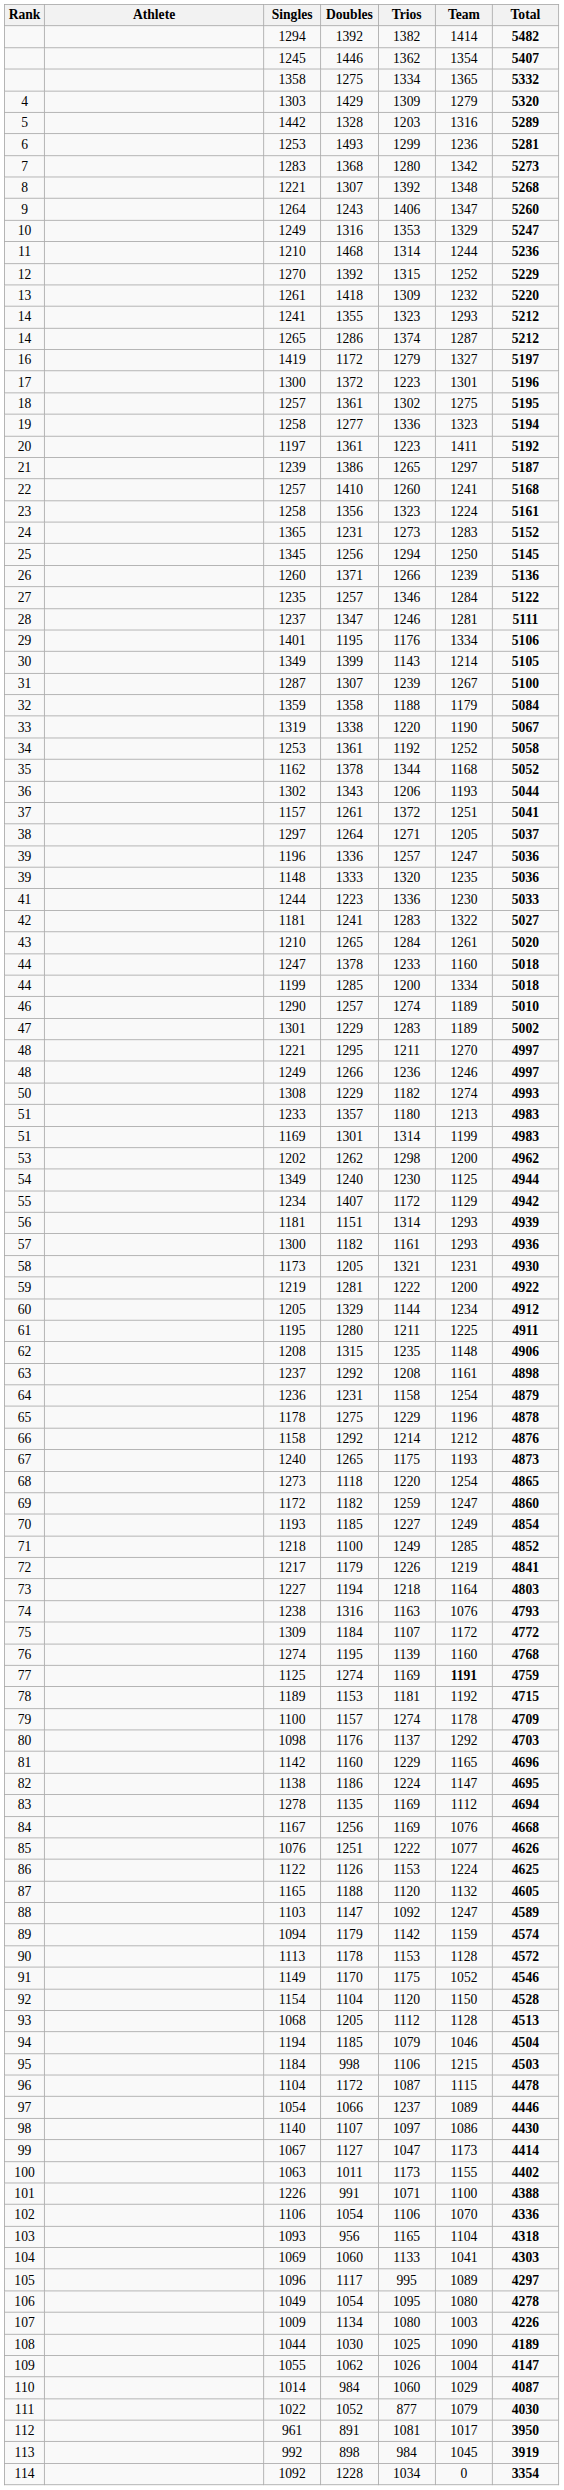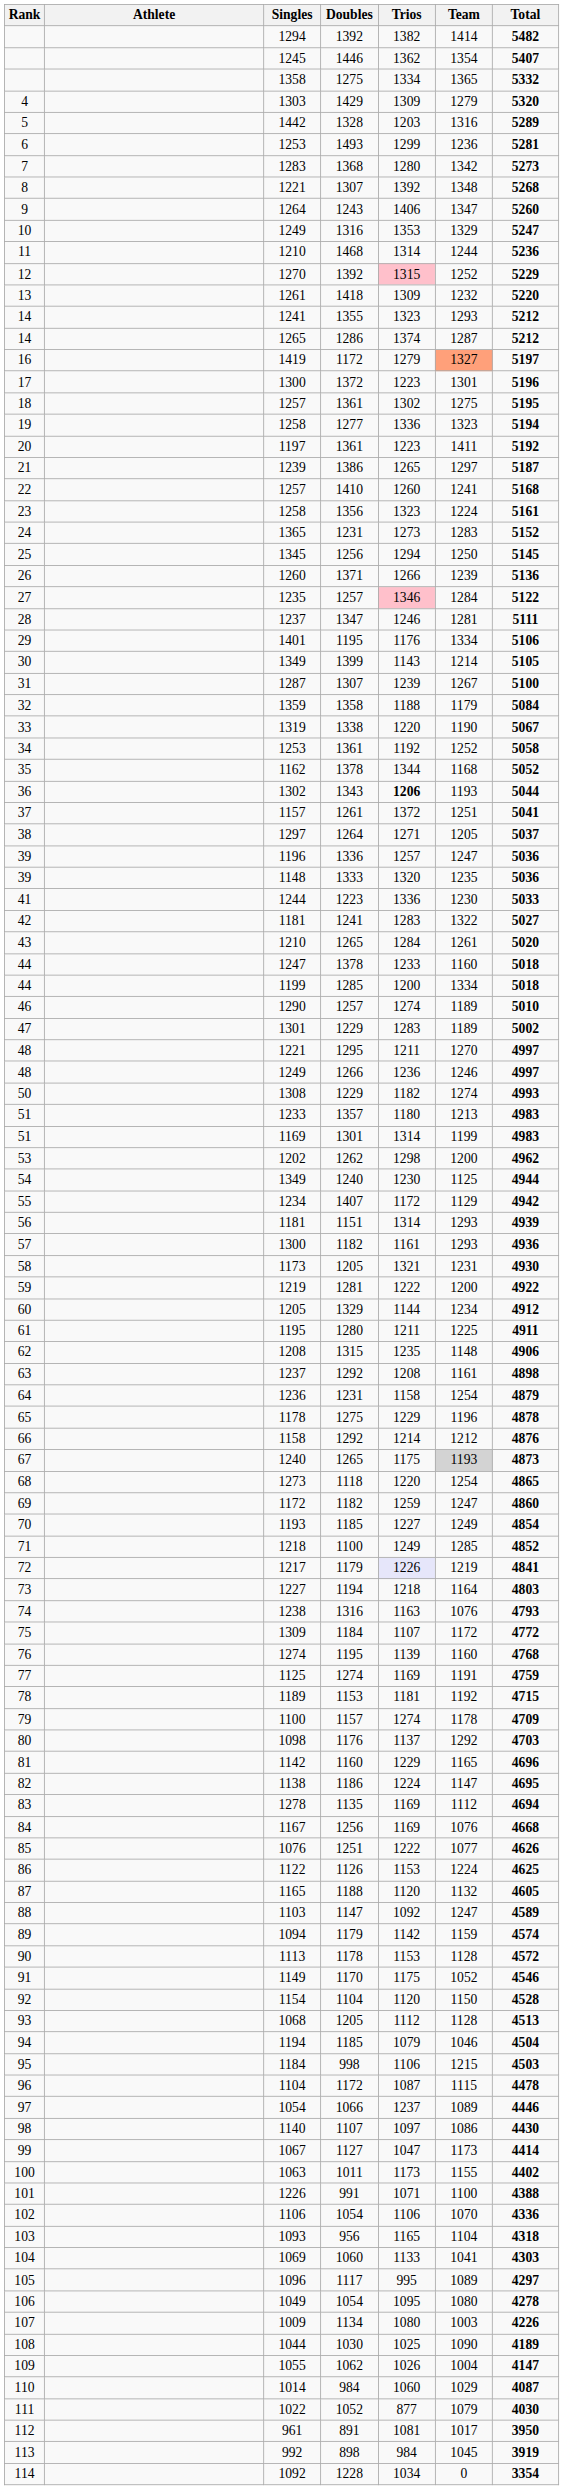 <table class=wikitable style="text-align:center">
 <tr>
 <th width=40>Rank</th>
 <th width=250>Athlete</th>
 <th width=60>Singles</th>
 <th width=60>Doubles</th>
 <th width=60>Trios</th>
 <th width=60>Team</th>
 <th width=70>Total</th>
 </tr>
 <tr>
 <td></td>
 <td align=left></td>
 <td>1294</td>
 <td>1392</td>
 <td>1382</td>
 <td>1414</td>
 <td><strong>5482</strong></td>
 </tr>
 <tr>
 <td></td>
 <td align=left></td>
 <td>1245</td>
 <td>1446</td>
 <td>1362</td>
 <td>1354</td>
 <td><strong>5407</strong></td>
 </tr>
 <tr>
 <td></td>
 <td align=left></td>
 <td>1358</td>
 <td>1275</td>
 <td>1334</td>
 <td>1365</td>
 <td><strong>5332</strong></td>
 </tr>
 <tr>
 <td>4</td>
 <td align=left></td>
 <td>1303</td>
 <td>1429</td>
 <td>1309</td>
 <td>1279</td>
 <td><strong>5320</strong></td>
 </tr>
 <tr>
 <td>5</td>
 <td align=left></td>
 <td>1442</td>
 <td>1328</td>
 <td>1203</td>
 <td>1316</td>
 <td><strong>5289</strong></td>
 </tr>
 <tr>
 <td>6</td>
 <td align=left></td>
 <td>1253</td>
 <td>1493</td>
 <td>1299</td>
 <td>1236</td>
 <td><strong>5281</strong></td>
 </tr>
 <tr>
 <td>7</td>
 <td align=left></td>
 <td>1283</td>
 <td>1368</td>
 <td>1280</td>
 <td>1342</td>
 <td><strong>5273</strong></td>
 </tr>
 <tr>
 <td>8</td>
 <td align=left></td>
 <td>1221</td>
 <td>1307</td>
 <td>1392</td>
 <td>1348</td>
 <td><strong>5268</strong></td>
 </tr>
 <tr>
 <td>9</td>
 <td align=left></td>
 <td>1264</td>
 <td>1243</td>
 <td>1406</td>
 <td>1347</td>
 <td><strong>5260</strong></td>
 </tr>
 <tr>
 <td>10</td>
 <td align=left></td>
 <td>1249</td>
 <td>1316</td>
 <td>1353</td>
 <td>1329</td>
 <td><strong>5247</strong></td>
 </tr>
 <tr>
 <td>11</td>
 <td align=left></td>
 <td>1210</td>
 <td>1468</td>
 <td>1314</td>
 <td>1244</td>
 <td><strong>5236</strong></td>
 </tr>
 <tr>
 <td>12</td>
 <td align=left></td>
 <td>1270</td>
 <td>1392</td>
-<td>1315</td>
+<td style="background: pink;">1315</td>
 <td>1252</td>
 <td><strong>5229</strong></td>
 </tr>
 <tr>
 <td>13</td>
 <td align=left></td>
 <td>1261</td>
 <td>1418</td>
 <td>1309</td>
 <td>1232</td>
 <td><strong>5220</strong></td>
 </tr>
 <tr>
 <td>14</td>
 <td align=left></td>
 <td>1241</td>
 <td>1355</td>
 <td>1323</td>
 <td>1293</td>
 <td><strong>5212</strong></td>
 </tr>
 <tr>
 <td>14</td>
 <td align=left></td>
 <td>1265</td>
 <td>1286</td>
 <td>1374</td>
 <td>1287</td>
 <td><strong>5212</strong></td>
 </tr>
 <tr>
 <td>16</td>
 <td align=left></td>
 <td>1419</td>
 <td>1172</td>
 <td>1279</td>
-<td>1327</td>
+<td style="background: lightsalmon;">1327</td>
 <td><strong>5197</strong></td>
 </tr>
 <tr>
 <td>17</td>
 <td align=left></td>
 <td>1300</td>
 <td>1372</td>
 <td>1223</td>
 <td>1301</td>
 <td><strong>5196</strong></td>
 </tr>
 <tr>
 <td>18</td>
 <td align=left></td>
 <td>1257</td>
 <td>1361</td>
 <td>1302</td>
 <td>1275</td>
 <td><strong>5195</strong></td>
 </tr>
 <tr>
 <td>19</td>
 <td align=left></td>
 <td>1258</td>
 <td>1277</td>
 <td>1336</td>
 <td>1323</td>
 <td><strong>5194</strong></td>
 </tr>
 <tr>
 <td>20</td>
 <td align=left></td>
 <td>1197</td>
 <td>1361</td>
 <td>1223</td>
 <td>1411</td>
 <td><strong>5192</strong></td>
 </tr>
 <tr>
 <td>21</td>
 <td align=left></td>
 <td>1239</td>
 <td>1386</td>
 <td>1265</td>
 <td>1297</td>
 <td><strong>5187</strong></td>
 </tr>
 <tr>
 <td>22</td>
 <td align=left></td>
 <td>1257</td>
 <td>1410</td>
 <td>1260</td>
 <td>1241</td>
 <td><strong>5168</strong></td>
 </tr>
 <tr>
 <td>23</td>
 <td align=left></td>
 <td>1258</td>
 <td>1356</td>
 <td>1323</td>
 <td>1224</td>
 <td><strong>5161</strong></td>
 </tr>
 <tr>
 <td>24</td>
 <td align=left></td>
 <td>1365</td>
 <td>1231</td>
 <td>1273</td>
 <td>1283</td>
 <td><strong>5152</strong></td>
 </tr>
 <tr>
 <td>25</td>
 <td align=left></td>
 <td>1345</td>
 <td>1256</td>
 <td>1294</td>
 <td>1250</td>
 <td><strong>5145</strong></td>
 </tr>
 <tr>
 <td>26</td>
 <td align=left></td>
 <td>1260</td>
 <td>1371</td>
 <td>1266</td>
 <td>1239</td>
 <td><strong>5136</strong></td>
 </tr>
 <tr>
 <td>27</td>
 <td align=left></td>
 <td>1235</td>
 <td>1257</td>
-<td>1346</td>
+<td style="background: pink;">1346</td>
 <td>1284</td>
 <td><strong>5122</strong></td>
 </tr>
 <tr>
 <td>28</td>
 <td align=left></td>
 <td>1237</td>
 <td>1347</td>
 <td>1246</td>
 <td>1281</td>
 <td><strong>5111</strong></td>
 </tr>
 <tr>
 <td>29</td>
 <td align=left></td>
 <td>1401</td>
 <td>1195</td>
 <td>1176</td>
 <td>1334</td>
 <td><strong>5106</strong></td>
 </tr>
 <tr>
 <td>30</td>
 <td align=left></td>
 <td>1349</td>
 <td>1399</td>
 <td>1143</td>
 <td>1214</td>
 <td><strong>5105</strong></td>
 </tr>
 <tr>
 <td>31</td>
 <td align=left></td>
 <td>1287</td>
 <td>1307</td>
 <td>1239</td>
 <td>1267</td>
 <td><strong>5100</strong></td>
 </tr>
 <tr>
 <td>32</td>
 <td align=left></td>
 <td>1359</td>
 <td>1358</td>
 <td>1188</td>
 <td>1179</td>
 <td><strong>5084</strong></td>
 </tr>
 <tr>
 <td>33</td>
 <td align=left></td>
 <td>1319</td>
 <td>1338</td>
 <td>1220</td>
 <td>1190</td>
 <td><strong>5067</strong></td>
 </tr>
 <tr>
 <td>34</td>
 <td align=left></td>
 <td>1253</td>
 <td>1361</td>
 <td>1192</td>
 <td>1252</td>
 <td><strong>5058</strong></td>
 </tr>
 <tr>
 <td>35</td>
 <td align=left></td>
 <td>1162</td>
 <td>1378</td>
 <td>1344</td>
 <td>1168</td>
 <td><strong>5052</strong></td>
 </tr>
 <tr>
 <td>36</td>
 <td align=left></td>
 <td>1302</td>
 <td>1343</td>
-<td>1206</td>
+<td><strong>1206</strong></td>
 <td>1193</td>
 <td><strong>5044</strong></td>
 </tr>
 <tr>
 <td>37</td>
 <td align=left></td>
 <td>1157</td>
 <td>1261</td>
 <td>1372</td>
 <td>1251</td>
 <td><strong>5041</strong></td>
 </tr>
 <tr>
 <td>38</td>
 <td align=left></td>
 <td>1297</td>
 <td>1264</td>
 <td>1271</td>
 <td>1205</td>
 <td><strong>5037</strong></td>
 </tr>
 <tr>
 <td>39</td>
 <td align=left></td>
 <td>1196</td>
 <td>1336</td>
 <td>1257</td>
 <td>1247</td>
 <td><strong>5036</strong></td>
 </tr>
 <tr>
 <td>39</td>
 <td align=left></td>
 <td>1148</td>
 <td>1333</td>
 <td>1320</td>
 <td>1235</td>
 <td><strong>5036</strong></td>
 </tr>
 <tr>
 <td>41</td>
 <td align=left></td>
 <td>1244</td>
 <td>1223</td>
 <td>1336</td>
 <td>1230</td>
 <td><strong>5033</strong></td>
 </tr>
 <tr>
 <td>42</td>
 <td align=left></td>
 <td>1181</td>
 <td>1241</td>
 <td>1283</td>
 <td>1322</td>
 <td><strong>5027</strong></td>
 </tr>
 <tr>
 <td>43</td>
 <td align=left></td>
 <td>1210</td>
 <td>1265</td>
 <td>1284</td>
 <td>1261</td>
 <td><strong>5020</strong></td>
 </tr>
 <tr>
 <td>44</td>
 <td align=left></td>
 <td>1247</td>
 <td>1378</td>
 <td>1233</td>
 <td>1160</td>
 <td><strong>5018</strong></td>
 </tr>
 <tr>
 <td>44</td>
 <td align=left></td>
 <td>1199</td>
 <td>1285</td>
 <td>1200</td>
 <td>1334</td>
 <td><strong>5018</strong></td>
 </tr>
 <tr>
 <td>46</td>
 <td align=left></td>
 <td>1290</td>
 <td>1257</td>
 <td>1274</td>
 <td>1189</td>
 <td><strong>5010</strong></td>
 </tr>
 <tr>
 <td>47</td>
 <td align=left></td>
 <td>1301</td>
 <td>1229</td>
 <td>1283</td>
 <td>1189</td>
 <td><strong>5002</strong></td>
 </tr>
 <tr>
 <td>48</td>
 <td align=left></td>
 <td>1221</td>
 <td>1295</td>
 <td>1211</td>
 <td>1270</td>
 <td><strong>4997</strong></td>
 </tr>
 <tr>
 <td>48</td>
 <td align=left></td>
 <td>1249</td>
 <td>1266</td>
 <td>1236</td>
 <td>1246</td>
 <td><strong>4997</strong></td>
 </tr>
 <tr>
 <td>50</td>
 <td align=left></td>
 <td>1308</td>
 <td>1229</td>
 <td>1182</td>
 <td>1274</td>
 <td><strong>4993</strong></td>
 </tr>
 <tr>
 <td>51</td>
 <td align=left></td>
 <td>1233</td>
 <td>1357</td>
 <td>1180</td>
 <td>1213</td>
 <td><strong>4983</strong></td>
 </tr>
 <tr>
 <td>51</td>
 <td align=left></td>
 <td>1169</td>
 <td>1301</td>
 <td>1314</td>
 <td>1199</td>
 <td><strong>4983</strong></td>
 </tr>
 <tr>
 <td>53</td>
 <td align=left></td>
 <td>1202</td>
 <td>1262</td>
 <td>1298</td>
 <td>1200</td>
 <td><strong>4962</strong></td>
 </tr>
 <tr>
 <td>54</td>
 <td align=left></td>
 <td>1349</td>
 <td>1240</td>
 <td>1230</td>
 <td>1125</td>
 <td><strong>4944</strong></td>
 </tr>
 <tr>
 <td>55</td>
 <td align=left></td>
 <td>1234</td>
 <td>1407</td>
 <td>1172</td>
 <td>1129</td>
 <td><strong>4942</strong></td>
 </tr>
 <tr>
 <td>56</td>
 <td align=left></td>
 <td>1181</td>
 <td>1151</td>
 <td>1314</td>
 <td>1293</td>
 <td><strong>4939</strong></td>
 </tr>
 <tr>
 <td>57</td>
 <td align=left></td>
 <td>1300</td>
 <td>1182</td>
 <td>1161</td>
 <td>1293</td>
 <td><strong>4936</strong></td>
 </tr>
 <tr>
 <td>58</td>
 <td align=left></td>
 <td>1173</td>
 <td>1205</td>
 <td>1321</td>
 <td>1231</td>
 <td><strong>4930</strong></td>
 </tr>
 <tr>
 <td>59</td>
 <td align=left></td>
 <td>1219</td>
 <td>1281</td>
 <td>1222</td>
 <td>1200</td>
 <td><strong>4922</strong></td>
 </tr>
 <tr>
 <td>60</td>
 <td align=left></td>
 <td>1205</td>
 <td>1329</td>
 <td>1144</td>
 <td>1234</td>
 <td><strong>4912</strong></td>
 </tr>
 <tr>
 <td>61</td>
 <td align=left></td>
 <td>1195</td>
 <td>1280</td>
 <td>1211</td>
 <td>1225</td>
 <td><strong>4911</strong></td>
 </tr>
 <tr>
 <td>62</td>
 <td align=left></td>
 <td>1208</td>
 <td>1315</td>
 <td>1235</td>
 <td>1148</td>
 <td><strong>4906</strong></td>
 </tr>
 <tr>
 <td>63</td>
 <td align=left></td>
 <td>1237</td>
 <td>1292</td>
 <td>1208</td>
 <td>1161</td>
 <td><strong>4898</strong></td>
 </tr>
 <tr>
 <td>64</td>
 <td align=left></td>
 <td>1236</td>
 <td>1231</td>
 <td>1158</td>
 <td>1254</td>
 <td><strong>4879</strong></td>
 </tr>
 <tr>
 <td>65</td>
 <td align=left></td>
 <td>1178</td>
 <td>1275</td>
 <td>1229</td>
 <td>1196</td>
 <td><strong>4878</strong></td>
 </tr>
 <tr>
 <td>66</td>
 <td align=left></td>
 <td>1158</td>
 <td>1292</td>
 <td>1214</td>
 <td>1212</td>
 <td><strong>4876</strong></td>
 </tr>
 <tr>
 <td>67</td>
 <td align=left></td>
 <td>1240</td>
 <td>1265</td>
 <td>1175</td>
-<td>1193</td>
+<td style="background: lightgrey;">1193</td>
 <td><strong>4873</strong></td>
 </tr>
 <tr>
 <td>68</td>
 <td align=left></td>
 <td>1273</td>
 <td>1118</td>
 <td>1220</td>
 <td>1254</td>
 <td><strong>4865</strong></td>
 </tr>
 <tr>
 <td>69</td>
 <td align=left></td>
 <td>1172</td>
 <td>1182</td>
 <td>1259</td>
 <td>1247</td>
 <td><strong>4860</strong></td>
 </tr>
 <tr>
 <td>70</td>
 <td align=left></td>
 <td>1193</td>
 <td>1185</td>
 <td>1227</td>
 <td>1249</td>
 <td><strong>4854</strong></td>
 </tr>
 <tr>
 <td>71</td>
 <td align=left></td>
 <td>1218</td>
 <td>1100</td>
 <td>1249</td>
 <td>1285</td>
 <td><strong>4852</strong></td>
 </tr>
 <tr>
 <td>72</td>
 <td align=left></td>
 <td>1217</td>
 <td>1179</td>
-<td>1226</td>
+<td style="background: lavender;">1226</td>
 <td>1219</td>
 <td><strong>4841</strong></td>
 </tr>
 <tr>
 <td>73</td>
 <td align=left></td>
 <td>1227</td>
 <td>1194</td>
 <td>1218</td>
 <td>1164</td>
 <td><strong>4803</strong></td>
 </tr>
 <tr>
 <td>74</td>
 <td align=left></td>
 <td>1238</td>
 <td>1316</td>
 <td>1163</td>
 <td>1076</td>
 <td><strong>4793</strong></td>
 </tr>
 <tr>
 <td>75</td>
 <td align=left></td>
 <td>1309</td>
 <td>1184</td>
 <td>1107</td>
 <td>1172</td>
 <td><strong>4772</strong></td>
 </tr>
 <tr>
 <td>76</td>
 <td align=left></td>
 <td>1274</td>
 <td>1195</td>
 <td>1139</td>
 <td>1160</td>
 <td><strong>4768</strong></td>
 </tr>
 <tr>
 <td>77</td>
 <td align=left></td>
 <td>1125</td>
 <td>1274</td>
 <td>1169</td>
-<td><strong>1191</strong></td>
+<td>1191</td>
 <td><strong>4759</strong></td>
 </tr>
 <tr>
 <td>78</td>
 <td align=left></td>
 <td>1189</td>
 <td>1153</td>
 <td>1181</td>
 <td>1192</td>
 <td><strong>4715</strong></td>
 </tr>
 <tr>
 <td>79</td>
 <td align=left></td>
 <td>1100</td>
 <td>1157</td>
 <td>1274</td>
 <td>1178</td>
 <td><strong>4709</strong></td>
 </tr>
 <tr>
 <td>80</td>
 <td align=left></td>
 <td>1098</td>
 <td>1176</td>
 <td>1137</td>
 <td>1292</td>
 <td><strong>4703</strong></td>
 </tr>
 <tr>
 <td>81</td>
 <td align=left></td>
 <td>1142</td>
 <td>1160</td>
 <td>1229</td>
 <td>1165</td>
 <td><strong>4696</strong></td>
 </tr>
 <tr>
 <td>82</td>
 <td align=left></td>
 <td>1138</td>
 <td>1186</td>
 <td>1224</td>
 <td>1147</td>
 <td><strong>4695</strong></td>
 </tr>
 <tr>
 <td>83</td>
 <td align=left></td>
 <td>1278</td>
 <td>1135</td>
 <td>1169</td>
 <td>1112</td>
 <td><strong>4694</strong></td>
 </tr>
 <tr>
 <td>84</td>
 <td align=left></td>
 <td>1167</td>
 <td>1256</td>
 <td>1169</td>
 <td>1076</td>
 <td><strong>4668</strong></td>
 </tr>
 <tr>
 <td>85</td>
 <td align=left></td>
 <td>1076</td>
 <td>1251</td>
 <td>1222</td>
 <td>1077</td>
 <td><strong>4626</strong></td>
 </tr>
 <tr>
 <td>86</td>
 <td align=left></td>
 <td>1122</td>
 <td>1126</td>
 <td>1153</td>
 <td>1224</td>
 <td><strong>4625</strong></td>
 </tr>
 <tr>
 <td>87</td>
 <td align=left></td>
 <td>1165</td>
 <td>1188</td>
 <td>1120</td>
 <td>1132</td>
 <td><strong>4605</strong></td>
 </tr>
 <tr>
 <td>88</td>
 <td align=left></td>
 <td>1103</td>
 <td>1147</td>
 <td>1092</td>
 <td>1247</td>
 <td><strong>4589</strong></td>
 </tr>
 <tr>
 <td>89</td>
 <td align=left></td>
 <td>1094</td>
 <td>1179</td>
 <td>1142</td>
 <td>1159</td>
 <td><strong>4574</strong></td>
 </tr>
 <tr>
 <td>90</td>
 <td align=left></td>
 <td>1113</td>
 <td>1178</td>
 <td>1153</td>
 <td>1128</td>
 <td><strong>4572</strong></td>
 </tr>
 <tr>
 <td>91</td>
 <td align=left></td>
 <td>1149</td>
 <td>1170</td>
 <td>1175</td>
 <td>1052</td>
 <td><strong>4546</strong></td>
 </tr>
 <tr>
 <td>92</td>
 <td align=left></td>
 <td>1154</td>
 <td>1104</td>
 <td>1120</td>
 <td>1150</td>
 <td><strong>4528</strong></td>
 </tr>
 <tr>
 <td>93</td>
 <td align=left></td>
 <td>1068</td>
 <td>1205</td>
 <td>1112</td>
 <td>1128</td>
 <td><strong>4513</strong></td>
 </tr>
 <tr>
 <td>94</td>
 <td align=left></td>
 <td>1194</td>
 <td>1185</td>
 <td>1079</td>
 <td>1046</td>
 <td><strong>4504</strong></td>
 </tr>
 <tr>
 <td>95</td>
 <td align=left></td>
 <td>1184</td>
 <td>998</td>
 <td>1106</td>
 <td>1215</td>
 <td><strong>4503</strong></td>
 </tr>
 <tr>
 <td>96</td>
 <td align=left></td>
 <td>1104</td>
 <td>1172</td>
 <td>1087</td>
 <td>1115</td>
 <td><strong>4478</strong></td>
 </tr>
 <tr>
 <td>97</td>
 <td align=left></td>
 <td>1054</td>
 <td>1066</td>
 <td>1237</td>
 <td>1089</td>
 <td><strong>4446</strong></td>
 </tr>
 <tr>
 <td>98</td>
 <td align=left></td>
 <td>1140</td>
 <td>1107</td>
 <td>1097</td>
 <td>1086</td>
 <td><strong>4430</strong></td>
 </tr>
 <tr>
 <td>99</td>
 <td align=left></td>
 <td>1067</td>
 <td>1127</td>
 <td>1047</td>
 <td>1173</td>
 <td><strong>4414</strong></td>
 </tr>
 <tr>
 <td>100</td>
 <td align=left></td>
 <td>1063</td>
 <td>1011</td>
 <td>1173</td>
 <td>1155</td>
 <td><strong>4402</strong></td>
 </tr>
 <tr>
 <td>101</td>
 <td align=left></td>
 <td>1226</td>
 <td>991</td>
 <td>1071</td>
 <td>1100</td>
 <td><strong>4388</strong></td>
 </tr>
 <tr>
 <td>102</td>
 <td align=left></td>
 <td>1106</td>
 <td>1054</td>
 <td>1106</td>
 <td>1070</td>
 <td><strong>4336</strong></td>
 </tr>
 <tr>
 <td>103</td>
 <td align=left></td>
 <td>1093</td>
 <td>956</td>
 <td>1165</td>
 <td>1104</td>
 <td><strong>4318</strong></td>
 </tr>
 <tr>
 <td>104</td>
 <td align=left></td>
 <td>1069</td>
 <td>1060</td>
 <td>1133</td>
 <td>1041</td>
 <td><strong>4303</strong></td>
 </tr>
 <tr>
 <td>105</td>
 <td align=left></td>
 <td>1096</td>
 <td>1117</td>
 <td>995</td>
 <td>1089</td>
 <td><strong>4297</strong></td>
 </tr>
 <tr>
 <td>106</td>
 <td align=left></td>
 <td>1049</td>
 <td>1054</td>
 <td>1095</td>
 <td>1080</td>
 <td><strong>4278</strong></td>
 </tr>
 <tr>
 <td>107</td>
 <td align=left></td>
 <td>1009</td>
 <td>1134</td>
 <td>1080</td>
 <td>1003</td>
 <td><strong>4226</strong></td>
 </tr>
 <tr>
 <td>108</td>
 <td align=left></td>
 <td>1044</td>
 <td>1030</td>
 <td>1025</td>
 <td>1090</td>
 <td><strong>4189</strong></td>
 </tr>
 <tr>
 <td>109</td>
 <td align=left></td>
 <td>1055</td>
 <td>1062</td>
 <td>1026</td>
 <td>1004</td>
 <td><strong>4147</strong></td>
 </tr>
 <tr>
 <td>110</td>
 <td align=left></td>
 <td>1014</td>
 <td>984</td>
 <td>1060</td>
 <td>1029</td>
 <td><strong>4087</strong></td>
 </tr>
 <tr>
 <td>111</td>
 <td align=left></td>
 <td>1022</td>
 <td>1052</td>
 <td>877</td>
 <td>1079</td>
 <td><strong>4030</strong></td>
 </tr>
 <tr>
 <td>112</td>
 <td align=left></td>
 <td>961</td>
 <td>891</td>
 <td>1081</td>
 <td>1017</td>
 <td><strong>3950</strong></td>
 </tr>
 <tr>
 <td>113</td>
 <td align=left></td>
 <td>992</td>
 <td>898</td>
 <td>984</td>
 <td>1045</td>
 <td><strong>3919</strong></td>
 </tr>
 <tr>
 <td>114</td>
 <td align=left></td>
 <td>1092</td>
 <td>1228</td>
 <td>1034</td>
 <td>0</td>
 <td><strong>3354</strong></td>
 </tr>
 </table>
